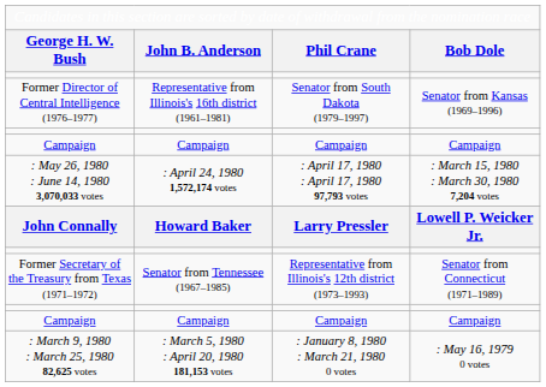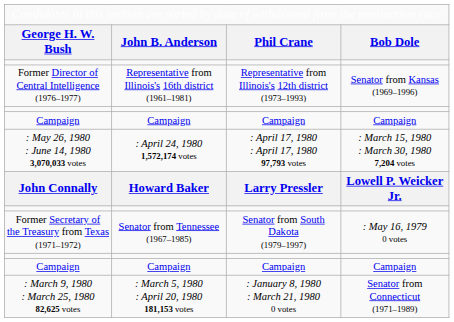 <table class="wikitable" style="font-size:90%">
 <tr>
 <td colspan="5" style="text-align:center; width:1000px; font-size:120%; color:white; background:"><em>Candidates in this section are sorted by date of withdrawal from the nomination race</em></td>
 </tr>
 <tr>
 <th scope="col" style="width:10em; font-size:120%;"><a href='#'>George H. W. Bush</a></th>
 <th scope="col" style="width:10em; font-size:120%;"><a href='#'>John B. Anderson</a></th>
 <th scope="col" style="width:10em; font-size:120%;"><a href='#'>Phil Crane</a></th>
 <th scope="col" style="width:10em; font-size:120%;"><a href='#'>Bob Dole</a></th>
 </tr>
 <tr>
 <td></td>
 <td></td>
 <td></td>
 <td></td>
 </tr>
 <tr style="text-align:center">
 <td>Former <a href='#'>Director of<br>Central Intelligence</a><br><small>(1976–1977)</small></td>
 <td><a href='#'>Representative</a> from<br><a href='#'>Illinois's</a> <a href='#'>16th district</a><br><small>(1961–1981)</small></td>
-<td><a href='#'>Senator</a> from <a href='#'>South Dakota</a><br><small>(1979–1997)</small></td>
+<td><a href='#'>Representative</a> from<br><a href='#'>Illinois's</a> <a href='#'>12th district</a><br><small>(1973–1993)</small></td>
 <td><a href='#'>Senator</a> from <a href='#'>Kansas</a><br><small>(1969–1996)</small></td>
 </tr>
 <tr style="text-align:center">
 <td></td>
 <td></td>
 <td></td>
 <td></td>
 </tr>
 <tr style="text-align:center">
 <td><a href='#'>Campaign</a></td>
 <td><a href='#'>Campaign</a></td>
 <td><a href='#'>Campaign</a></td>
 <td><a href='#'>Campaign</a></td>
 </tr>
 <tr style="text-align:center">
 <td><em>: May 26, 1980</em><br><em>: June 14, 1980</em><br><small><strong>3,070,033</strong> votes</small></td>
 <td><em>: April 24, 1980</em><br><small><strong>1,572,174</strong> votes</small></td>
 <td><em>: April 17, 1980</em><br><em>: April 17, 1980</em><br><small><strong>97,793</strong> votes</small></td>
 <td><em>: March 15, 1980</em><br><em>: March 30, 1980</em><br><small><strong>7,204</strong> votes</small></td>
 </tr>
 <tr>
 <th scope="col" style="width:10em; font-size:120%;"><a href='#'>John Connally</a></th>
 <th scope="col" style="width:10em; font-size:120%;"><a href='#'>Howard Baker</a></th>
 <th scope="col" style="width:10em; font-size:120%;"><a href='#'>Larry Pressler</a></th>
 <th scope="col" style="width:10em; font-size:120%;"><a href='#'>Lowell P. Weicker Jr.</a></th>
 </tr>
 <tr>
 <td></td>
 <td></td>
 <td></td>
 <td></td>
 </tr>
 <tr style="text-align:center">
 <td>Former <a href='#'>Secretary of<br>the Treasury</a> from <a href='#'>Texas</a><br><small>(1971–1972)</small></td>
 <td><a href='#'>Senator</a> from <a href='#'>Tennessee</a><br><small>(1967–1985)</small></td>
-<td><a href='#'>Representative</a> from<br><a href='#'>Illinois's</a> <a href='#'>12th district</a><br><small>(1973–1993)</small></td>
-<td><a href='#'>Senator</a> from <a href='#'>Connecticut</a><br><small>(1971–1989)</small></td>
+<td><a href='#'>Senator</a> from <a href='#'>South Dakota</a><br><small>(1979–1997)</small></td>
+<td><em>: May 16, 1979</em><br><small>0 votes</small></td>
 </tr>
 <tr style="text-align:center">
 <td></td>
 <td></td>
 <td></td>
 <td></td>
 </tr>
 <tr style="text-align:center">
 <td><a href='#'>Campaign</a></td>
 <td><a href='#'>Campaign</a></td>
 <td><a href='#'>Campaign</a></td>
 <td><a href='#'>Campaign</a></td>
 </tr>
 <tr style="text-align:center">
 <td><em>: March 9, 1980</em><br><em>: March 25, 1980</em><br><small><strong>82,625</strong> votes</small></td>
 <td><em>: March 5, 1980</em><br><em>: April 20, 1980</em><br><small><strong>181,153</strong> votes</small></td>
 <td><em>: January 8, 1980</em><br><em>: March 21, 1980</em><br><small>0 votes</small></td>
-<td><em>: May 16, 1979</em><br><small>0 votes</small></td>
+<td><a href='#'>Senator</a> from <a href='#'>Connecticut</a><br><small>(1971–1989)</small></td>
 </tr>
 </table>
